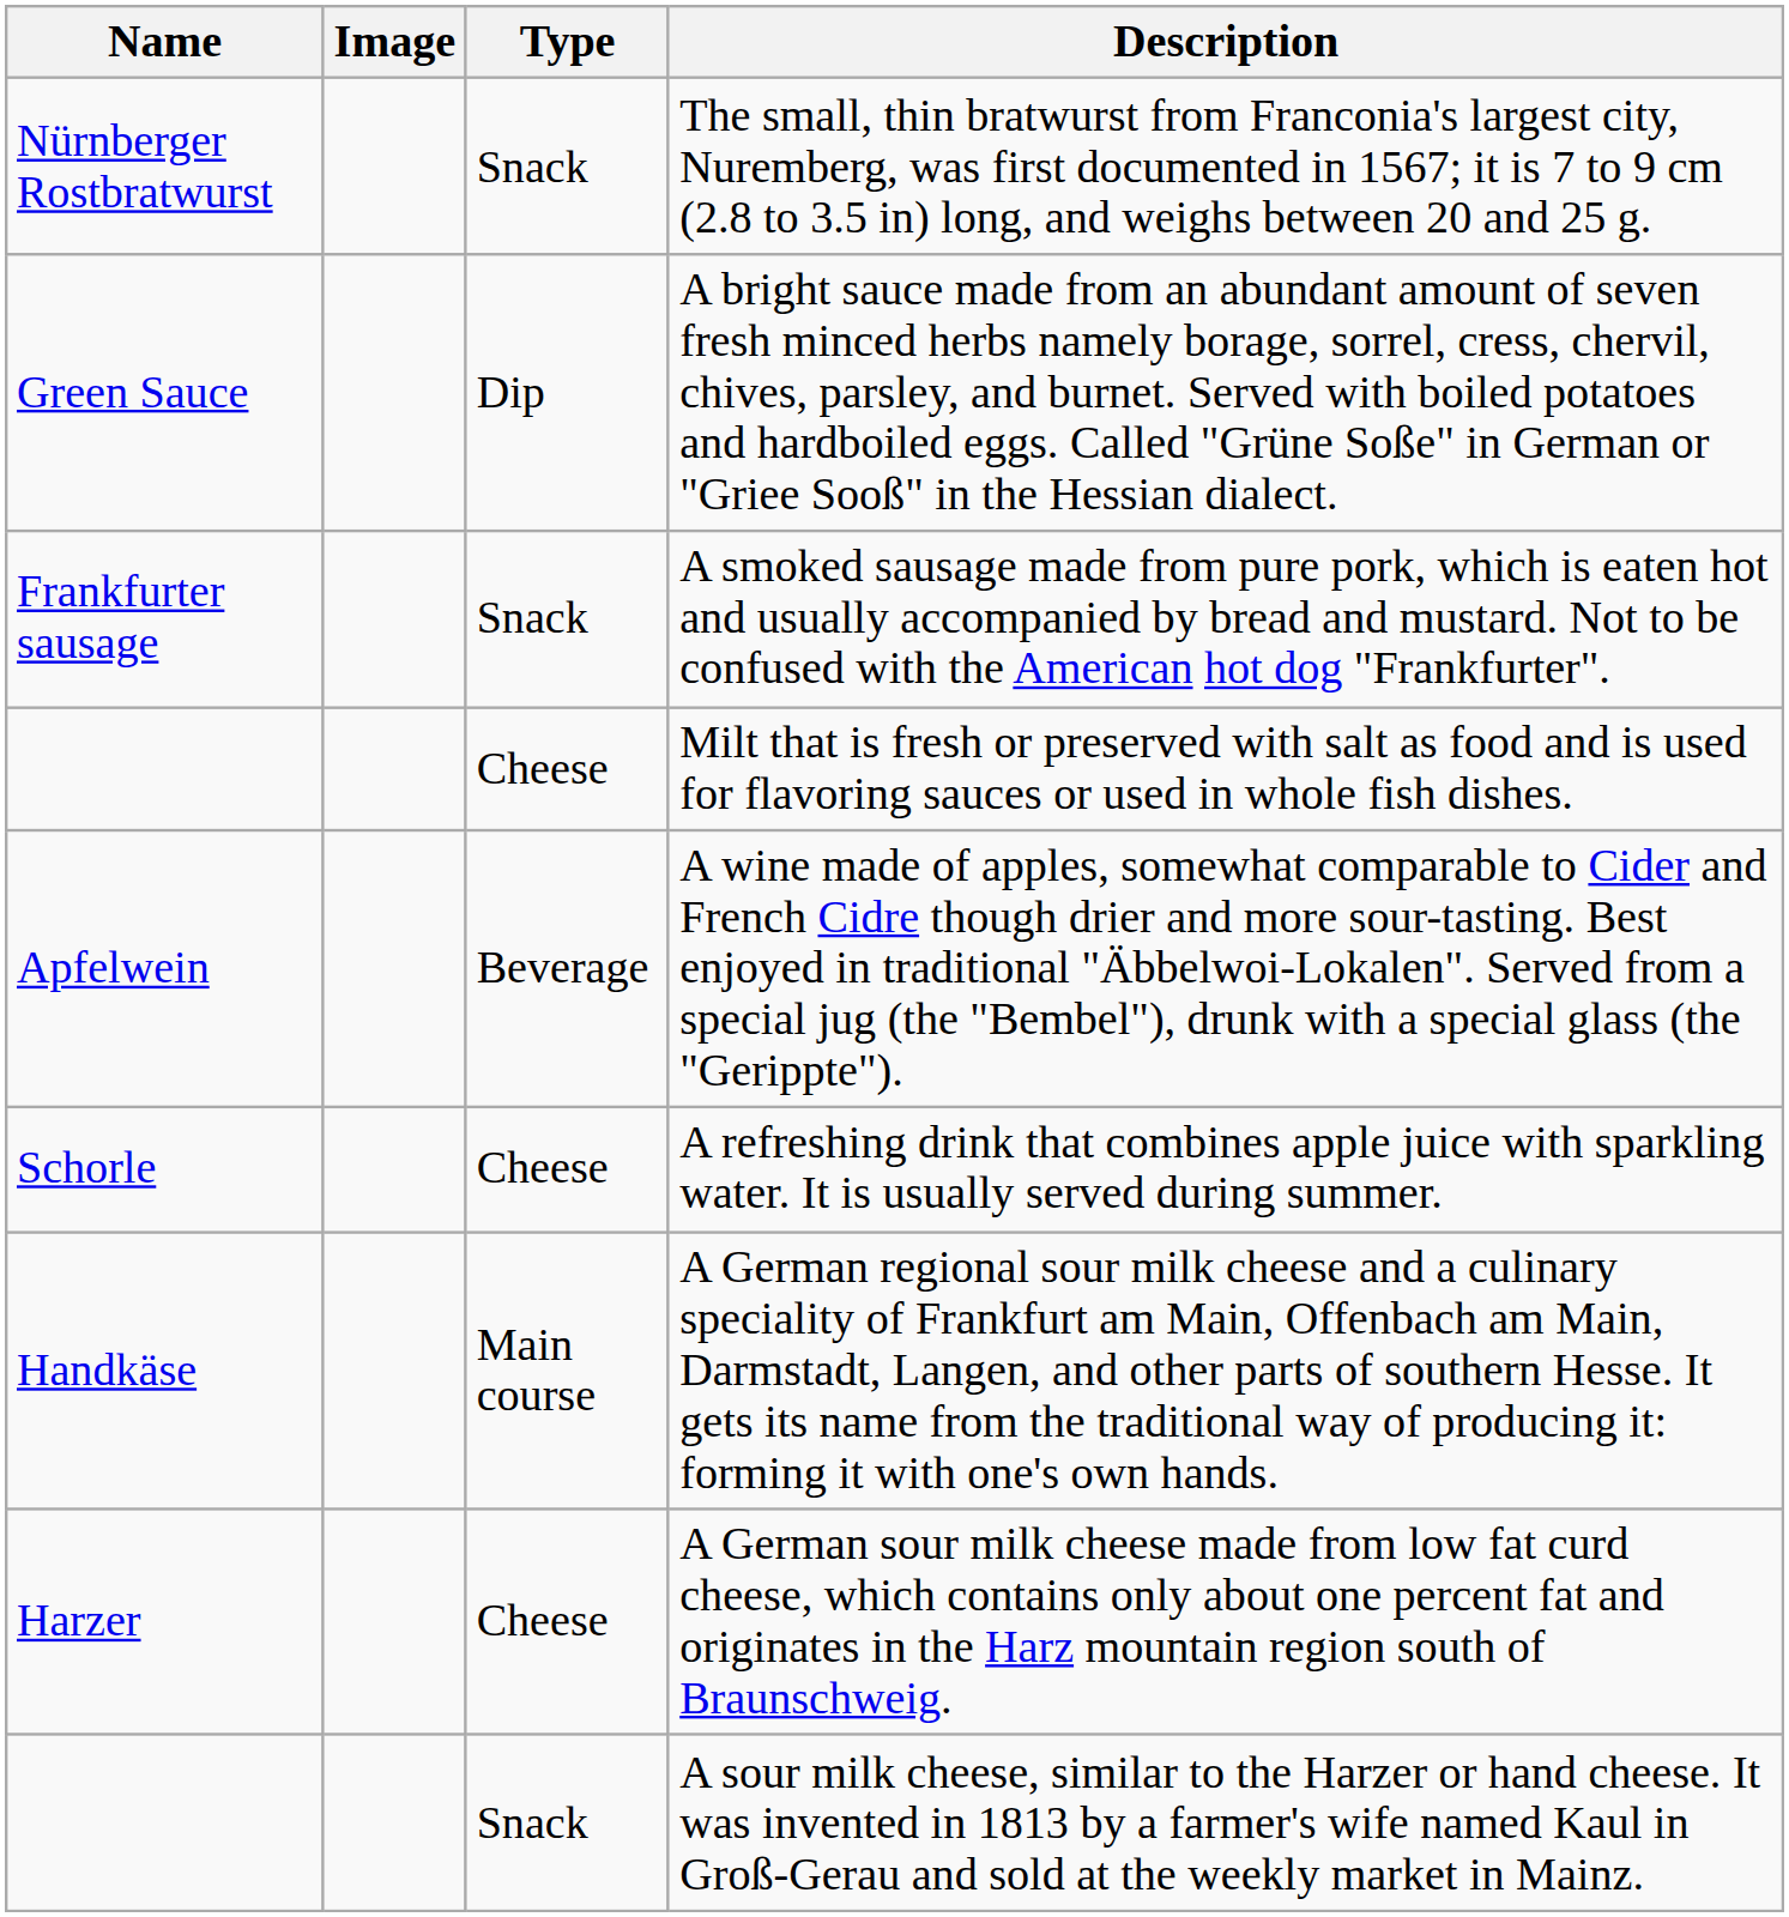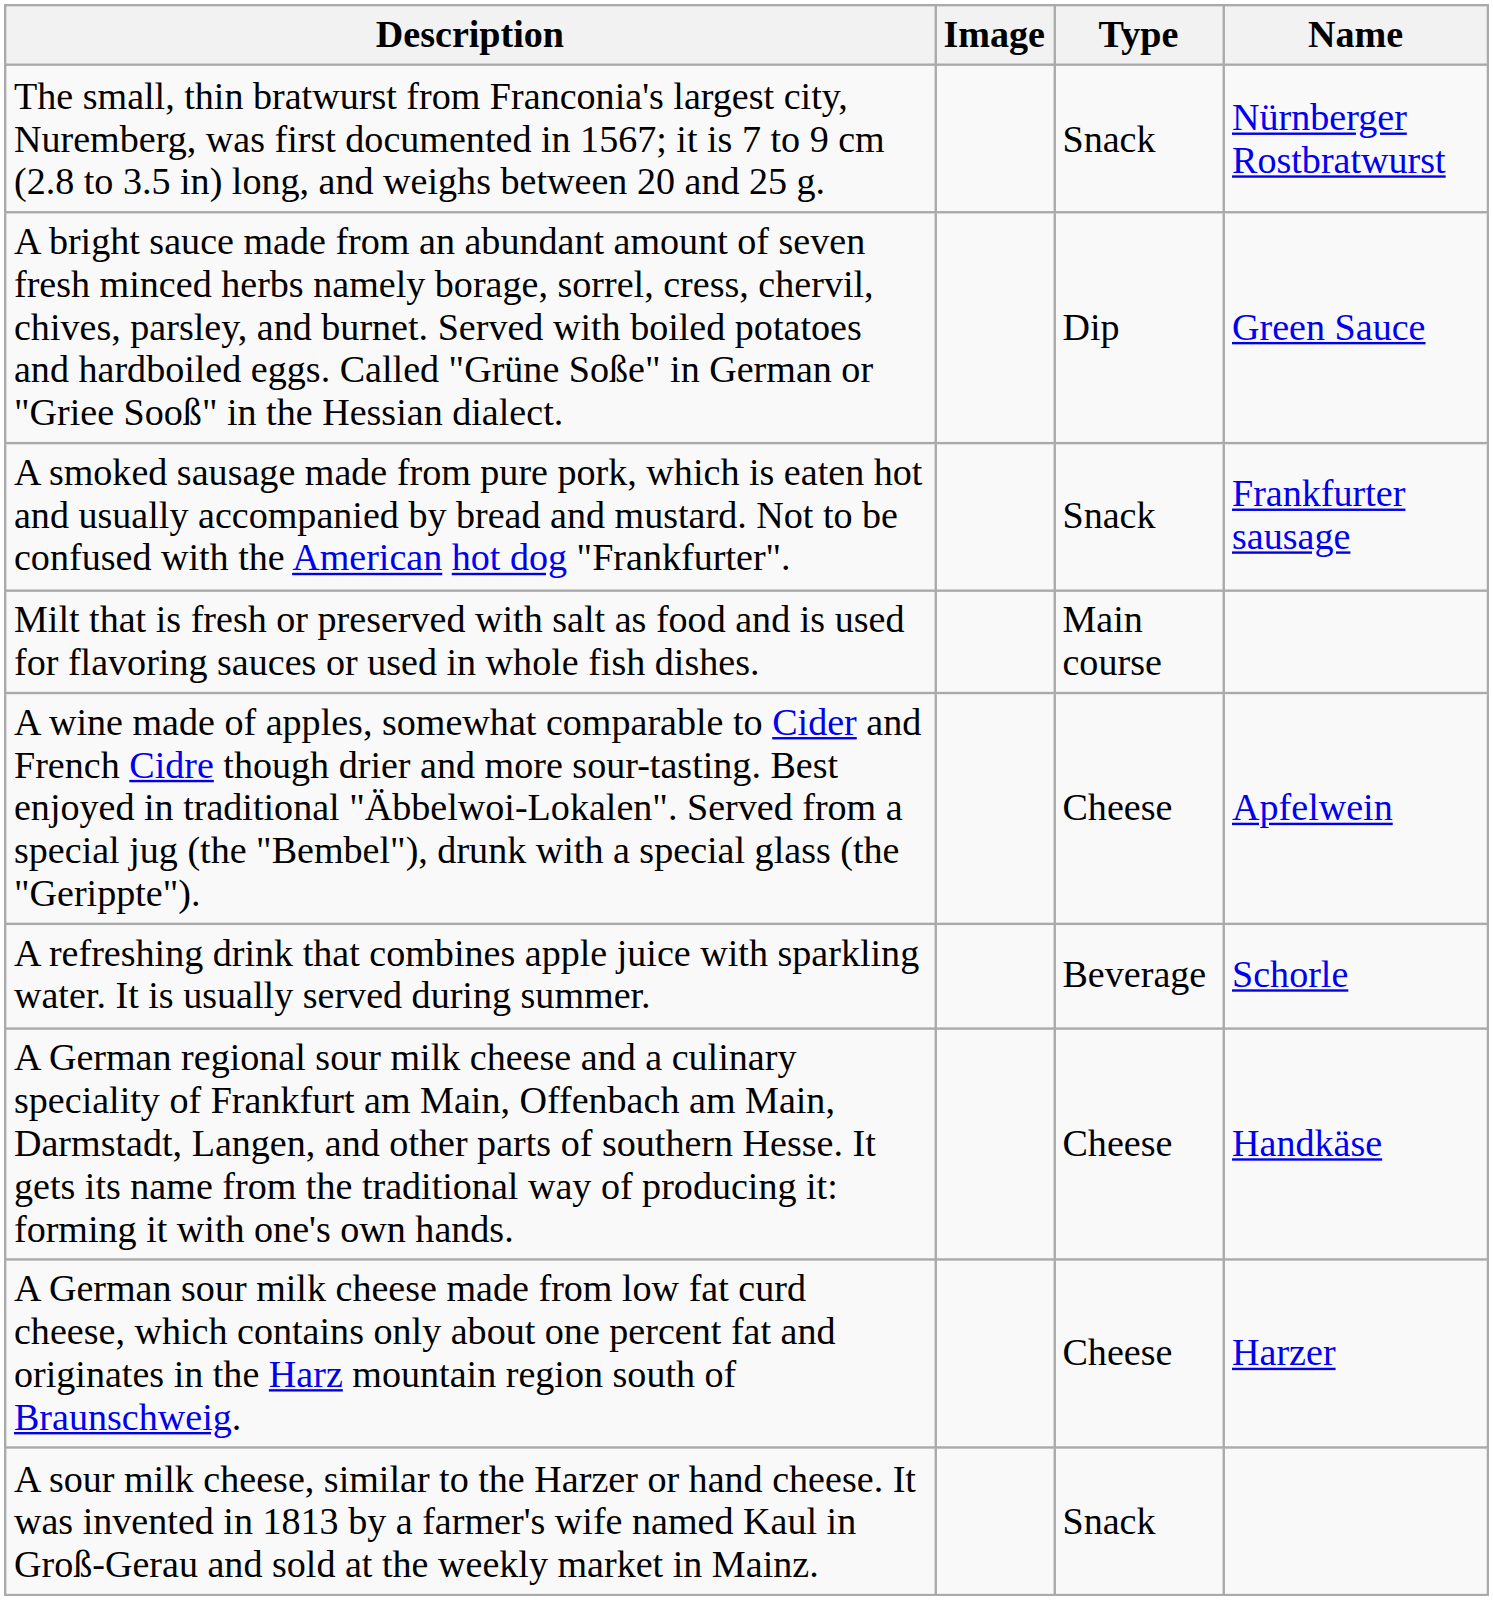 <table class="wikitable sortable" style="width:100%;">
 <tr>
-<th>Name</th>
+<th>Description</th>
 <th>Image</th>
 <th>Type</th>
-<th>Description</th>
+<th>Name</th>
 </tr>
 <tr>
-<td><a href='#'>Nürnberger Rostbratwurst</a></td>
+<td>The small, thin bratwurst from Franconia's largest city, Nuremberg, was first documented in 1567; it is 7 to 9 cm (2.8 to 3.5 in) long, and weighs between 20 and 25 g.</td>
 <td></td>
 <td>Snack</td>
-<td>The small, thin bratwurst from Franconia's largest city, Nuremberg, was first documented in 1567; it is 7 to 9 cm (2.8 to 3.5 in) long, and weighs between 20 and 25 g.</td>
+<td><a href='#'>Nürnberger Rostbratwurst</a></td>
 </tr>
 <tr>
-<td><a href='#'>Green Sauce</a></td>
+<td>A bright sauce made from an abundant amount of seven fresh minced herbs namely borage, sorrel, cress, chervil, chives, parsley, and burnet. Served with boiled potatoes and hardboiled eggs. Called "Grüne Soße" in German or "Griee Sooß" in the Hessian dialect.</td>
 <td></td>
 <td>Dip</td>
-<td>A bright sauce made from an abundant amount of seven fresh minced herbs namely borage, sorrel, cress, chervil, chives, parsley, and burnet. Served with boiled potatoes and hardboiled eggs. Called "Grüne Soße" in German or "Griee Sooß" in the Hessian dialect.</td>
+<td><a href='#'>Green Sauce</a></td>
 </tr>
 <tr>
-<td><a href='#'>Frankfurter sausage</a></td>
+<td>A smoked sausage made from pure pork, which is eaten hot and usually accompanied by bread and mustard. Not to be confused with the <a href='#'>American</a> <a href='#'>hot dog</a> "Frankfurter".</td>
 <td></td>
 <td>Snack</td>
-<td>A smoked sausage made from pure pork, which is eaten hot and usually accompanied by bread and mustard. Not to be confused with the <a href='#'>American</a> <a href='#'>hot dog</a> "Frankfurter".</td>
+<td><a href='#'>Frankfurter sausage</a></td>
 </tr>
 <tr>
+<td>Milt that is fresh or preserved with salt as food and is used for flavoring sauces or used in whole fish dishes.</td>
 <td></td>
+<td>Main course</td>
+<td></td>
+</tr>
+<tr>
+<td>A wine made of apples, somewhat comparable to <a href='#'>Cider</a> and French <a href='#'>Cidre</a> though drier and more sour-tasting. Best enjoyed in traditional "Äbbelwoi-Lokalen". Served from a special jug (the "Bembel"), drunk with a special glass (the "Gerippte").</td>
 <td></td>
 <td>Cheese</td>
-<td>Milt that is fresh or preserved with salt as food and is used for flavoring sauces or used in whole fish dishes.</td>
+<td><a href='#'>Apfelwein</a></td>
 </tr>
 <tr>
-<td><a href='#'>Apfelwein</a></td>
+<td>A refreshing drink that combines apple juice with sparkling water. It is usually served during summer.</td>
 <td></td>
 <td>Beverage</td>
-<td>A wine made of apples, somewhat comparable to <a href='#'>Cider</a> and French <a href='#'>Cidre</a> though drier and more sour-tasting. Best enjoyed in traditional "Äbbelwoi-Lokalen". Served from a special jug (the "Bembel"), drunk with a special glass (the "Gerippte").</td>
+<td><a href='#'>Schorle</a></td>
 </tr>
 <tr>
-<td><a href='#'>Schorle</a></td>
+<td>A German regional sour milk cheese and a culinary speciality of Frankfurt am Main, Offenbach am Main, Darmstadt, Langen, and other parts of southern Hesse. It gets its name from the traditional way of producing it: forming it with one's own hands.</td>
 <td></td>
 <td>Cheese</td>
-<td>A refreshing drink that combines apple juice with sparkling water. It is usually served during summer.</td>
+<td><a href='#'>Handkäse</a></td>
 </tr>
 <tr>
-<td><a href='#'>Handkäse</a></td>
+<td>A German sour milk cheese made from low fat curd cheese, which contains only about one percent fat and originates in the <a href='#'>Harz</a> mountain region south of <a href='#'>Braunschweig</a>.</td>
 <td></td>
-<td>Main course</td>
-<td>A German regional sour milk cheese and a culinary speciality of Frankfurt am Main, Offenbach am Main, Darmstadt, Langen, and other parts of southern Hesse. It gets its name from the traditional way of producing it: forming it with one's own hands.</td>
+<td>Cheese</td>
+<td><a href='#'>Harzer</a></td>
 </tr>
 <tr>
-<td><a href='#'>Harzer</a></td>
-<td></td>
-<td>Cheese</td>
-<td>A German sour milk cheese made from low fat curd cheese, which contains only about one percent fat and originates in the <a href='#'>Harz</a> mountain region south of <a href='#'>Braunschweig</a>.</td>
-</tr>
-<tr>
-<td></td>
+<td>A sour milk cheese, similar to the Harzer or hand cheese. It was invented in 1813 by a farmer's wife named Kaul in Groß-Gerau and sold at the weekly market in Mainz.</td>
 <td></td>
 <td>Snack</td>
-<td>A sour milk cheese, similar to the Harzer or hand cheese. It was invented in 1813 by a farmer's wife named Kaul in Groß-Gerau and sold at the weekly market in Mainz.</td>
+<td></td>
 </tr>
 </table>
